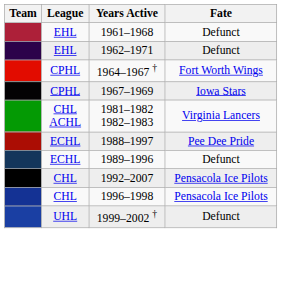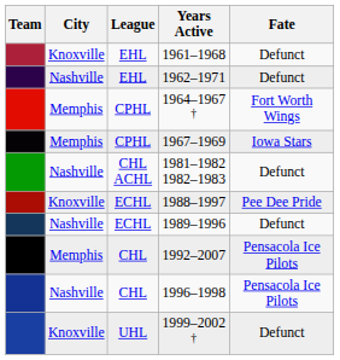 <table class="wikitable sortable" width="60%">
 <tr>
 <th>Team</th>
+<th>City</th>
 <th>League</th>
 <th>Years Active</th>
 <th>Fate</th>
 </tr>
 <tr align=center>
 <td style="color:white; background:#ad2039"><strong><a href='#'></a></strong></td>
+<td><a href='#'>Knoxville</a></td>
 <td><a href='#'>EHL</a></td>
 <td>1961–1968</td>
 <td>Defunct</td>
 </tr>
 <tr align=center bgcolor=eeeeee>
 <td style="color:white; background:#2c024a; "><strong><a href='#'></a></strong></td>
+<td><a href='#'>Nashville</a></td>
 <td><a href='#'>EHL</a></td>
 <td>1962–1971</td>
 <td>Defunct</td>
 </tr>
 <tr align=center>
 <td style="color:white; background:#e20c00"><strong><a href='#'></a></strong></td>
+<td><a href='#'>Memphis</a></td>
 <td><a href='#'>CPHL</a></td>
 <td>1964–1967 <sup>†</sup></td>
 <td><a href='#'>Fort Worth Wings</a></td>
 </tr>
 <tr align=center bgcolor=eeeeee>
 <td style="color:white; background:#040204"><strong><a href='#'></a></strong></td>
+<td><a href='#'>Memphis</a></td>
 <td><a href='#'>CPHL</a></td>
 <td>1967–1969</td>
 <td><a href='#'>Iowa Stars</a></td>
 </tr>
 <tr align=center>
 <td style="color:white; background:#049a04; "><strong><a href='#'></a></strong></td>
+<td><a href='#'>Nashville</a></td>
 <td><a href='#'>CHL</a><br><a href='#'>ACHL</a></td>
 <td>1981–1982<br>1982–1983</td>
-<td><a href='#'>Virginia Lancers</a></td>
+<td>Defunct</td>
 </tr>
 <tr align=center bgcolor=eeeeee>
 <td style="color:white; background:#ab0d04; "><strong><a href='#'></a></strong></td>
+<td><a href='#'>Knoxville</a></td>
 <td><a href='#'>ECHL</a></td>
 <td>1988–1997</td>
 <td><a href='#'>Pee Dee Pride</a></td>
 </tr>
 <tr align=center>
 <td style="color:white; background:#14365b; "><strong><a href='#'></a></strong></td>
+<td><a href='#'>Nashville</a></td>
 <td><a href='#'>ECHL</a></td>
 <td>1989–1996</td>
 <td>Defunct</td>
 </tr>
 <tr align=center bgcolor=eeeeee>
 <td style="color:white; background:#000000; "><strong><a href='#'></a></strong></td>
+<td><a href='#'>Memphis</a></td>
 <td><a href='#'>CHL</a></td>
 <td>1992–2007</td>
 <td><a href='#'>Pensacola Ice Pilots</a></td>
 </tr>
 <tr align=center>
 <td style="color:white; background:#143294; "><strong><a href='#'></a></strong></td>
+<td><a href='#'>Nashville</a></td>
 <td><a href='#'>CHL</a></td>
 <td>1996–1998</td>
 <td><a href='#'>Pensacola Ice Pilots</a></td>
 </tr>
 <tr align=center bgcolor=eeeeee>
 <td style="color:white; background:#1a3fa3; "><strong><a href='#'></a></strong></td>
+<td><a href='#'>Knoxville</a></td>
 <td><a href='#'>UHL</a></td>
 <td>1999–2002 <sup>†</sup></td>
 <td>Defunct</td>
 </tr>
 </table>
